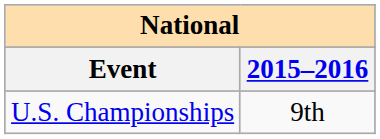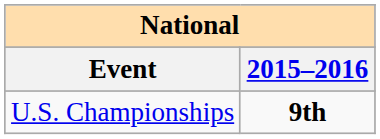 <table class="wikitable" style="text-align:center">
 <tr>
 <th style="background-color: #ffdead; " colspan=2 align=center>National</th>
 </tr>
 <tr>
 <th>Event</th>
 <th><a href='#'>2015–2016</a></th>
 </tr>
 <tr>
 <td align=left><a href='#'>U.S. Championships</a></td>
-<td>9th</td>
+<td><strong>9th</strong></td>
 </tr>
 </table>
